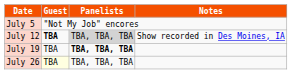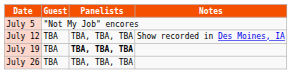 <table class="wikitable">
 <tr>
 <th style="background:#f55000;color:#FFFFFF;">Date</th>
 <th style="background:#f55000;color:#FFFFFF;">Guest</th>
 <th style="background:#f55000;color:#FFFFFF;">Panelists</th>
 <th style="background:#f55000;color:#FFFFFF;">Notes</th>
 </tr>
 <tr>
 <td style="background:#FDD6CC;color:#000000;">July 5</td>
 <td colspan=3>"Not My Job" encores</td>
 </tr>
 <tr>
 <td style="background:#FDD6CC;color:#000000;">July 12</td>
-<td><strong>TBA</strong></td>
-<td style="background: lightgrey;">TBA, TBA, TBA</td>
+<td>TBA</td>
+<td>TBA, TBA, TBA</td>
 <td>Show recorded in <a href='#'>Des Moines, IA</a> </td>
 </tr>
 <tr>
 <td style="background:#FDD6CC;color:#000000;">July 19</td>
 <td>TBA</td>
 <td><strong>TBA, TBA, TBA</strong></td>
 <td></td>
 </tr>
 <tr>
 <td style="background:#FDD6CC;color:#000000;">July 26</td>
-<td style="background: lightyellow;">TBA</td>
+<td>TBA</td>
 <td>TBA, TBA, TBA</td>
 <td></td>
 </tr>
 </table>
